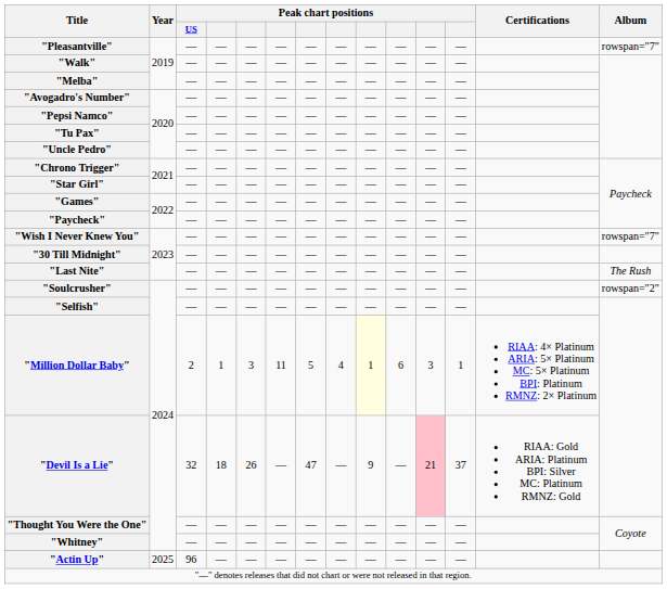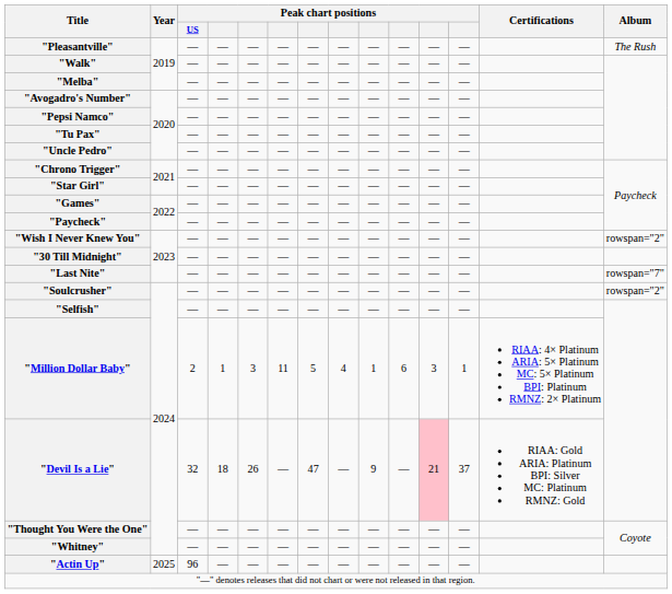 <table class="wikitable plainrowheaders" style="text-align:center;">
 <tr>
 <th scope="col" rowspan="2">Title</th>
 <th scope="col" rowspan="2">Year</th>
 <th scope="col" colspan="10">Peak chart positions</th>
 <th scope="col" rowspan="2">Certifications</th>
 <th scope="col" rowspan="2">Album</th>
 </tr>
 <tr>
 <th scope="col" style="width:2.75em;font-size:85%;"><a href='#'>US</a><br></th>
 <th scope="col" style="width:2.75em;font-size:85%;"><a href='#'></a><br></th>
 <th scope="col" style="width:2.75em;font-size:85%;"><a href='#'></a><br></th>
 <th scope="col" style="width:2.75em;font-size:85%;"><a href='#'></a><br></th>
 <th scope="col" style="width:2.75em;font-size:85%;"><a href='#'></a><br></th>
 <th scope="col" style="width:2.75em;font-size:85%;"><a href='#'></a><br></th>
 <th scope="col" style="width:2.75em;font-size:85%;"><a href='#'></a><br></th>
 <th scope="col" style="width:2.75em;font-size:85%;"><a href='#'></a><br></th>
 <th scope="col" style="width:2.75em;font-size:85%;"><a href='#'></a><br></th>
 <th scope="col" style="width:2.75em;font-size:85%;"><a href='#'></a><br></th>
 </tr>
 <tr>
 <th scope="row">"Pleasantville"</th>
 <td rowspan="3">2019</td>
 <td>—</td>
 <td>—</td>
 <td>—</td>
 <td>—</td>
 <td>—</td>
 <td>—</td>
 <td>—</td>
 <td>—</td>
 <td>—</td>
 <td>—</td>
 <td></td>
-<td>rowspan="7" </td>
+<td><em>The Rush</em></td>
 </tr>
 <tr>
 <th scope="row">"Walk"</th>
 <td>—</td>
 <td>—</td>
 <td>—</td>
 <td>—</td>
 <td>—</td>
 <td>—</td>
 <td>—</td>
 <td>—</td>
 <td>—</td>
 <td>—</td>
 <td></td>
 </tr>
 <tr>
 <th scope="row">"Melba"</th>
 <td>—</td>
 <td>—</td>
 <td>—</td>
 <td>—</td>
 <td>—</td>
 <td>—</td>
 <td>—</td>
 <td>—</td>
 <td>—</td>
 <td>—</td>
 <td></td>
 </tr>
 <tr>
 <th scope="row">"Avogadro's Number"</th>
 <td rowspan="4">2020</td>
 <td>—</td>
 <td>—</td>
 <td>—</td>
 <td>—</td>
 <td>—</td>
 <td>—</td>
 <td>—</td>
 <td>—</td>
 <td>—</td>
 <td>—</td>
 <td></td>
 </tr>
 <tr>
 <th scope="row">"Pepsi Namco"</th>
 <td>—</td>
 <td>—</td>
 <td>—</td>
 <td>—</td>
 <td>—</td>
 <td>—</td>
 <td>—</td>
 <td>—</td>
 <td>—</td>
 <td>—</td>
 <td></td>
 </tr>
 <tr>
 <th scope="row">"Tu Pax"</th>
 <td>—</td>
 <td>—</td>
 <td>—</td>
 <td>—</td>
 <td>—</td>
 <td>—</td>
 <td>—</td>
 <td>—</td>
 <td>—</td>
 <td>—</td>
 <td></td>
 </tr>
 <tr>
 <th scope="row">"Uncle Pedro"</th>
 <td>—</td>
 <td>—</td>
 <td>—</td>
 <td>—</td>
 <td>—</td>
 <td>—</td>
 <td>—</td>
 <td>—</td>
 <td>—</td>
 <td>—</td>
 <td></td>
 </tr>
 <tr>
 <th scope="row">"Chrono Trigger"</th>
 <td rowspan="2">2021</td>
 <td>—</td>
 <td>—</td>
 <td>—</td>
 <td>—</td>
 <td>—</td>
 <td>—</td>
 <td>—</td>
 <td>—</td>
 <td>—</td>
 <td>—</td>
 <td></td>
 <td rowspan="4"><em>Paycheck</em></td>
 </tr>
 <tr>
 <th scope="row">"Star Girl"</th>
 <td>—</td>
 <td>—</td>
 <td>—</td>
 <td>—</td>
 <td>—</td>
 <td>—</td>
 <td>—</td>
 <td>—</td>
 <td>—</td>
 <td>—</td>
 <td></td>
 </tr>
 <tr>
 <th scope="row">"Games"</th>
 <td rowspan="2">2022</td>
 <td>—</td>
 <td>—</td>
 <td>—</td>
 <td>—</td>
 <td>—</td>
 <td>—</td>
 <td>—</td>
 <td>—</td>
 <td>—</td>
 <td>—</td>
 <td></td>
 </tr>
 <tr>
 <th scope="row">"Paycheck"</th>
 <td>—</td>
 <td>—</td>
 <td>—</td>
 <td>—</td>
 <td>—</td>
 <td>—</td>
 <td>—</td>
 <td>—</td>
 <td>—</td>
 <td>—</td>
 <td></td>
 </tr>
 <tr>
 <th scope="row">"Wish I Never Knew You"</th>
 <td rowspan="3">2023</td>
 <td>—</td>
 <td>—</td>
 <td>—</td>
 <td>—</td>
 <td>—</td>
 <td>—</td>
 <td>—</td>
 <td>—</td>
 <td>—</td>
 <td>—</td>
 <td></td>
-<td>rowspan="7" </td>
+<td>rowspan="2" </td>
 </tr>
 <tr>
 <th scope="row">"30 Till Midnight"</th>
 <td>—</td>
 <td>—</td>
 <td>—</td>
 <td>—</td>
 <td>—</td>
 <td>—</td>
 <td>—</td>
 <td>—</td>
 <td>—</td>
 <td>—</td>
 <td></td>
 </tr>
 <tr>
 <th scope="row">"Last Nite"</th>
 <td>—</td>
 <td>—</td>
 <td>—</td>
 <td>—</td>
 <td>—</td>
 <td>—</td>
 <td>—</td>
 <td>—</td>
 <td>—</td>
 <td>—</td>
 <td></td>
-<td><em>The Rush</em></td>
+<td>rowspan="7" </td>
 </tr>
 <tr>
 <th scope="row">"Soulcrusher"</th>
 <td rowspan="6">2024</td>
 <td>—</td>
 <td>—</td>
 <td>—</td>
 <td>—</td>
 <td>—</td>
 <td>—</td>
 <td>—</td>
 <td>—</td>
 <td>—</td>
 <td>—</td>
 <td></td>
 <td>rowspan="2" </td>
 </tr>
 <tr>
 <th scope="row">"Selfish"</th>
 <td>—</td>
 <td>—</td>
 <td>—</td>
 <td>—</td>
 <td>—</td>
 <td>—</td>
 <td>—</td>
 <td>—</td>
 <td>—</td>
 <td>—</td>
 <td></td>
 </tr>
 <tr>
 <th scope="row">"<a href='#'>Million Dollar Baby</a>"</th>
 <td>2</td>
 <td>1</td>
 <td>3</td>
 <td>11</td>
 <td>5</td>
 <td>4</td>
-<td style="background: lightyellow;">1</td>
+<td>1</td>
 <td>6</td>
 <td>3</td>
 <td>1</td>
 <td><br><ul><li><a href='#'>RIAA</a>: 4× Platinum</li><li><a href='#'>ARIA</a>: 5× Platinum</li><li><a href='#'>MC</a>: 5× Platinum</li><li><a href='#'>BPI</a>: Platinum</li><li><a href='#'>RMNZ</a>: 2× Platinum</li></ul></td>
 </tr>
 <tr>
 <th scope="row">"<a href='#'>Devil Is a Lie</a>"</th>
 <td>32</td>
 <td>18</td>
 <td>26</td>
 <td>—</td>
 <td>47<br></td>
 <td>—</td>
 <td>9</td>
 <td>—</td>
 <td style="background: pink;">21</td>
 <td>37</td>
 <td><br><ul><li>RIAA: Gold</li><li>ARIA: Platinum</li><li>BPI: Silver</li><li>MC: Platinum</li><li>RMNZ: Gold</li></ul></td>
 </tr>
 <tr>
 <th scope="row">"Thought You Were the One"</th>
 <td>—</td>
 <td>—</td>
 <td>—</td>
 <td>—</td>
 <td>—</td>
 <td>—</td>
 <td>—</td>
 <td>—</td>
 <td>—</td>
 <td>—</td>
 <td></td>
 <td rowspan="2"><em>Coyote</em></td>
 </tr>
 <tr>
 <th scope="row">"Whitney"</th>
 <td>—</td>
 <td>—</td>
 <td>—</td>
 <td>—</td>
 <td>—</td>
 <td>—</td>
 <td>—</td>
 <td>—</td>
 <td>—</td>
 <td>—</td>
 <td></td>
 </tr>
 <tr>
 <th scope="row">"<a href='#'>Actin Up</a>"</th>
 <td>2025</td>
 <td>96</td>
 <td>—</td>
 <td>—</td>
 <td>—</td>
 <td>—</td>
 <td>—</td>
 <td>—</td>
 <td>—</td>
 <td>—</td>
 <td>—</td>
 <td></td>
 <td></td>
 </tr>
 <tr>
 <td colspan="14" style="font-size:85%">"—" denotes releases that did not chart or were not released in that region.</td>
 </tr>
 </table>
